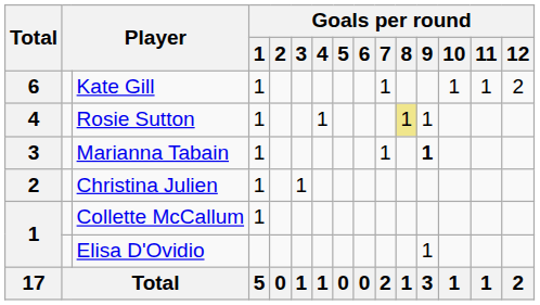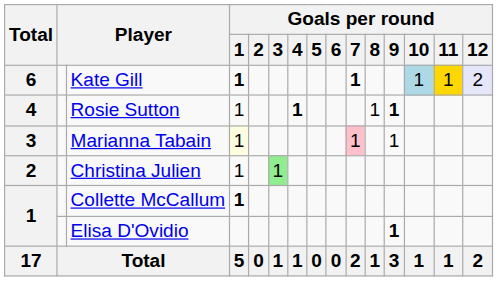 <table class="wikitable" style="text-align:center;">
 <tr>
 <th rowspan="2">Total</th>
 <th rowspan="2" colspan="2">Player</th>
 <th colspan="12">Goals per round</th>
 </tr>
 <tr>
 <th>1</th>
 <th>2</th>
 <th>3</th>
 <th>4</th>
 <th>5</th>
 <th>6</th>
 <th>7</th>
 <th>8</th>
 <th>9</th>
 <th>10</th>
 <th>11</th>
 <th>12</th>
 </tr>
 <tr>
 <th rowspan="1">6</th>
 <td></td>
 <td style="text-align:left;"><a href='#'>Kate Gill</a></td>
-<td>1</td>
+<td><strong>1</strong></td>
 <td></td>
 <td></td>
 <td></td>
 <td></td>
 <td></td>
-<td>1</td>
+<td><strong>1</strong></td>
 <td></td>
 <td></td>
-<td>1</td>
-<td>1</td>
-<td>2</td>
+<td style="background: lightblue;">1</td>
+<td style="background: gold;">1</td>
+<td style="background: lavender;">2</td>
 </tr>
 <tr>
 <th rowspan="1">4</th>
 <td></td>
 <td style="text-align:left;"><a href='#'>Rosie Sutton</a></td>
 <td>1</td>
 <td></td>
 <td></td>
-<td>1</td>
+<td><strong>1</strong></td>
 <td></td>
 <td></td>
 <td></td>
-<td style="background: khaki;">1</td>
 <td>1</td>
+<td><strong>1</strong></td>
 <td></td>
 <td></td>
 <td></td>
 </tr>
 <tr>
 <th rowspan="1">3</th>
 <td></td>
 <td style="text-align:left;"><a href='#'>Marianna Tabain</a></td>
-<td>1</td>
+<td style="background: lightyellow;">1</td>
 <td></td>
 <td></td>
 <td></td>
 <td></td>
 <td></td>
+<td style="background: pink;">1</td>
+<td></td>
 <td>1</td>
-<td></td>
-<td><strong>1</strong></td>
 <td></td>
 <td></td>
 <td></td>
 </tr>
 <tr>
 <th rowspan="1">2</th>
 <td></td>
 <td style="text-align:left;"><a href='#'>Christina Julien</a></td>
 <td>1</td>
 <td></td>
-<td>1</td>
+<td style="background: lightgreen;">1</td>
 <td></td>
 <td></td>
 <td></td>
 <td></td>
 <td></td>
 <td></td>
 <td></td>
 <td></td>
 <td></td>
 </tr>
 <tr>
 <th rowspan="2">1</th>
 <td></td>
 <td style="text-align:left;"><a href='#'>Collette McCallum</a></td>
-<td>1</td>
+<td><strong>1</strong></td>
 <td></td>
 <td></td>
 <td></td>
 <td></td>
 <td></td>
 <td></td>
 <td></td>
 <td></td>
 <td></td>
 <td></td>
 <td></td>
 </tr>
 <tr>
 <td></td>
 <td style="text-align:left;"><a href='#'>Elisa D'Ovidio</a></td>
 <td></td>
 <td></td>
 <td></td>
 <td></td>
 <td></td>
 <td></td>
 <td></td>
 <td></td>
-<td>1</td>
+<td><strong>1</strong></td>
 <td></td>
 <td></td>
 <td></td>
 </tr>
 <tr>
 <th rowspan="1">17</th>
 <th colspan="2">Total</th>
 <th style="text-align:center;">5</th>
 <th>0</th>
 <th>1</th>
 <th>1</th>
 <th>0</th>
 <th>0</th>
 <th>2</th>
 <th>1</th>
 <th>3</th>
 <th>1</th>
 <th>1</th>
 <th>2</th>
 </tr>
 </table>
